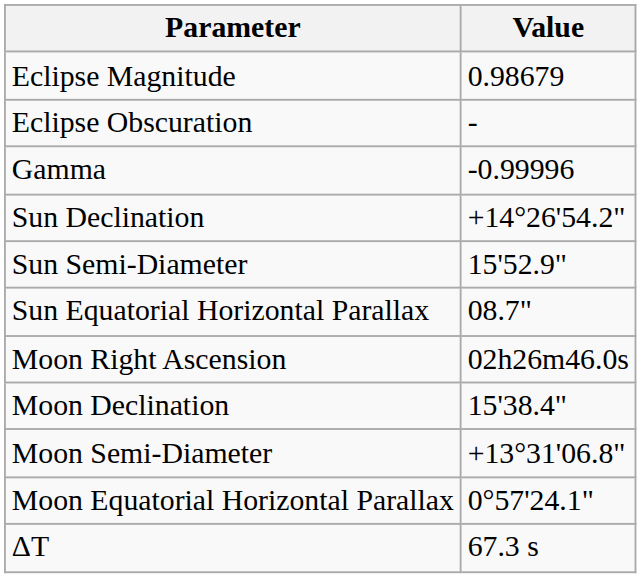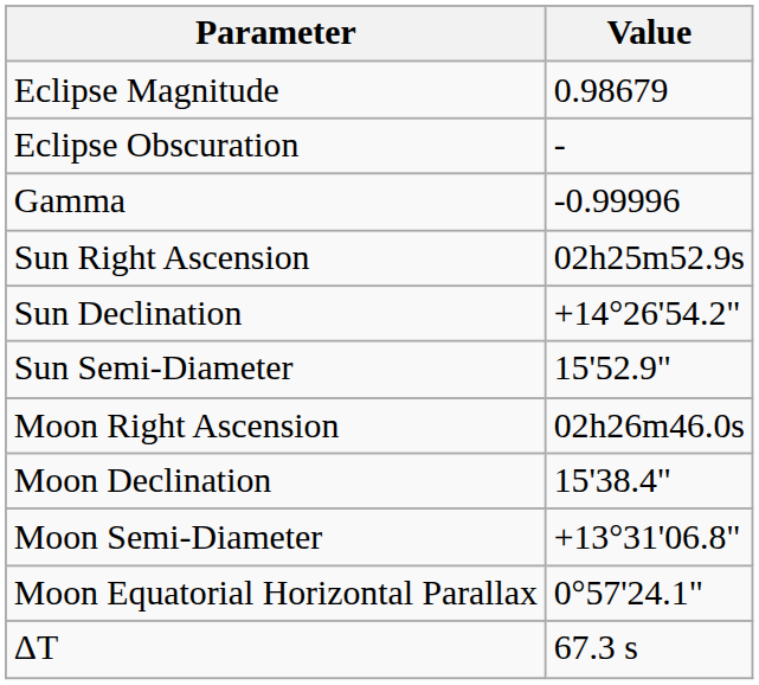 <table class="wikitable">
 <tr>
 <th>Parameter</th>
 <th>Value</th>
 </tr>
 <tr>
 <td>Eclipse Magnitude</td>
 <td>0.98679</td>
 </tr>
 <tr>
 <td>Eclipse Obscuration</td>
 <td>-</td>
 </tr>
 <tr>
 <td>Gamma</td>
 <td>-0.99996</td>
 </tr>
 <tr>
+<td>Sun Right Ascension</td>
+<td>02h25m52.9s</td>
+</tr>
+<tr>
 <td>Sun Declination</td>
 <td>+14°26'54.2"</td>
 </tr>
 <tr>
 <td>Sun Semi-Diameter</td>
 <td>15'52.9"</td>
-</tr>
-<tr>
-<td>Sun Equatorial Horizontal Parallax</td>
-<td>08.7"</td>
 </tr>
 <tr>
 <td>Moon Right Ascension</td>
 <td>02h26m46.0s</td>
 </tr>
 <tr>
 <td>Moon Declination</td>
 <td>15'38.4"</td>
 </tr>
 <tr>
 <td>Moon Semi-Diameter</td>
 <td>+13°31'06.8"</td>
 </tr>
 <tr>
 <td>Moon Equatorial Horizontal Parallax</td>
 <td>0°57'24.1"</td>
 </tr>
 <tr>
 <td>ΔT</td>
 <td>67.3 s</td>
 </tr>
 </table>
